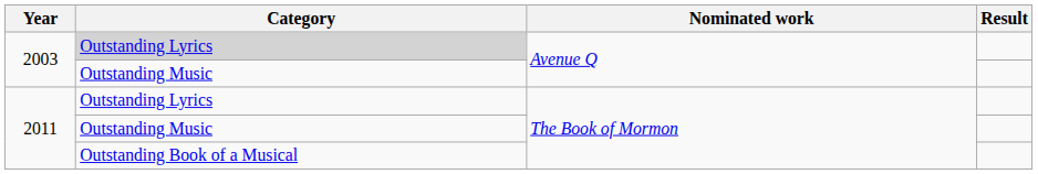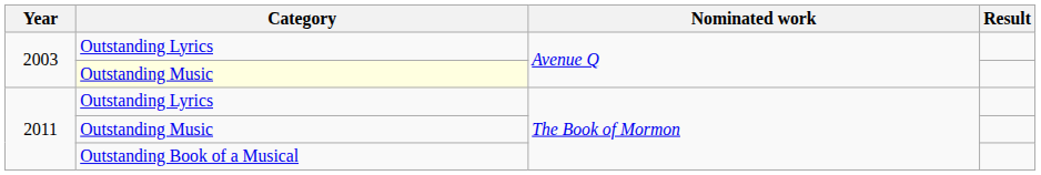 <table class="wikitable sortable" width = 75%>
 <tr>
 <th width=7%>Year</th>
 <th width=45%>Category</th>
 <th width=45%>Nominated work</th>
 <th width=8%>Result</th>
 </tr>
 <tr>
 <td rowspan="2" style="text-align:center;">2003</td>
-<td style="background: lightgrey;"><a href='#'>Outstanding Lyrics</a></td>
+<td><a href='#'>Outstanding Lyrics</a></td>
 <td rowspan="2"><em><a href='#'>Avenue Q</a></em></td>
 <td></td>
 </tr>
 <tr>
-<td><a href='#'>Outstanding Music</a></td>
+<td style="background: lightyellow;"><a href='#'>Outstanding Music</a></td>
 <td></td>
 </tr>
 <tr>
 <td rowspan="3" style="text-align:center;">2011</td>
 <td><a href='#'>Outstanding Lyrics</a></td>
 <td rowspan="3"><em><a href='#'>The Book of Mormon</a></em></td>
 <td></td>
 </tr>
 <tr>
 <td><a href='#'>Outstanding Music</a></td>
 <td></td>
 </tr>
 <tr>
 <td><a href='#'>Outstanding Book of a Musical</a></td>
 <td></td>
 </tr>
 </table>
